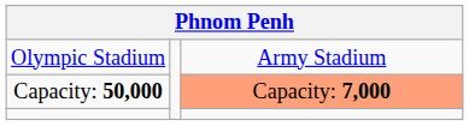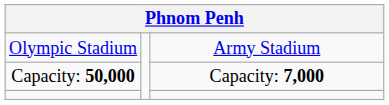 <table class="wikitable" style="margin:1em auto; text-align:center;">
 <tr>
 <th colspan=3><a href='#'>Phnom Penh</a></th>
 </tr>
 <tr>
 <td><a href='#'>Olympic Stadium</a></td>
 <td rowspan=3></td>
 <td width=200px><a href='#'>Army Stadium</a></td>
 </tr>
 <tr>
 <td>Capacity: <strong>50,000</strong></td>
-<td style="background: lightsalmon;">Capacity: <strong>7,000</strong></td>
+<td>Capacity: <strong>7,000</strong></td>
 </tr>
 <tr>
 <td></td>
 <td></td>
 </tr>
 </table>
